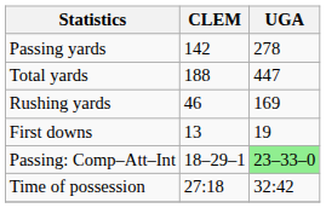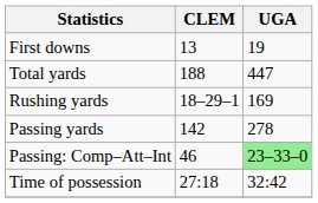 <table class="wikitable" style="float: left;">
 <tr>
 <th>Statistics</th>
 <th>CLEM</th>
 <th>UGA</th>
 </tr>
 <tr>
-<td>Passing yards</td>
-<td>142</td>
-<td>278</td>
+<td>First downs</td>
+<td>13</td>
+<td>19</td>
 </tr>
 <tr>
 <td>Total yards</td>
 <td>188</td>
 <td>447</td>
 </tr>
 <tr>
 <td>Rushing yards</td>
-<td>46</td>
+<td>18–29–1</td>
 <td>169</td>
 </tr>
 <tr>
-<td>First downs</td>
-<td>13</td>
-<td>19</td>
+<td>Passing yards</td>
+<td>142</td>
+<td>278</td>
 </tr>
 <tr>
 <td>Passing: Comp–Att–Int</td>
-<td>18–29–1</td>
+<td>46</td>
 <td style="background: lightgreen;">23–33–0</td>
 </tr>
 <tr>
 <td>Time of possession</td>
 <td>27:18</td>
 <td>32:42</td>
 </tr>
 <tr>
 </tr>
 </table>
